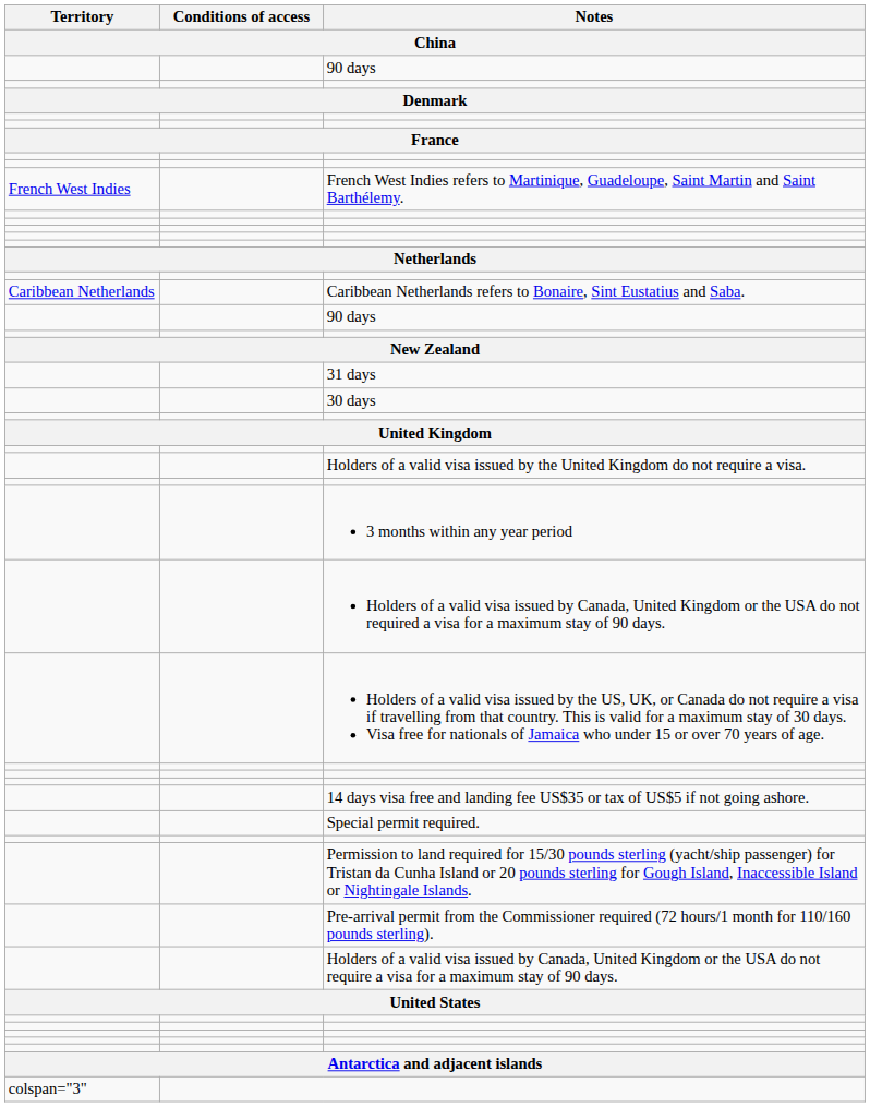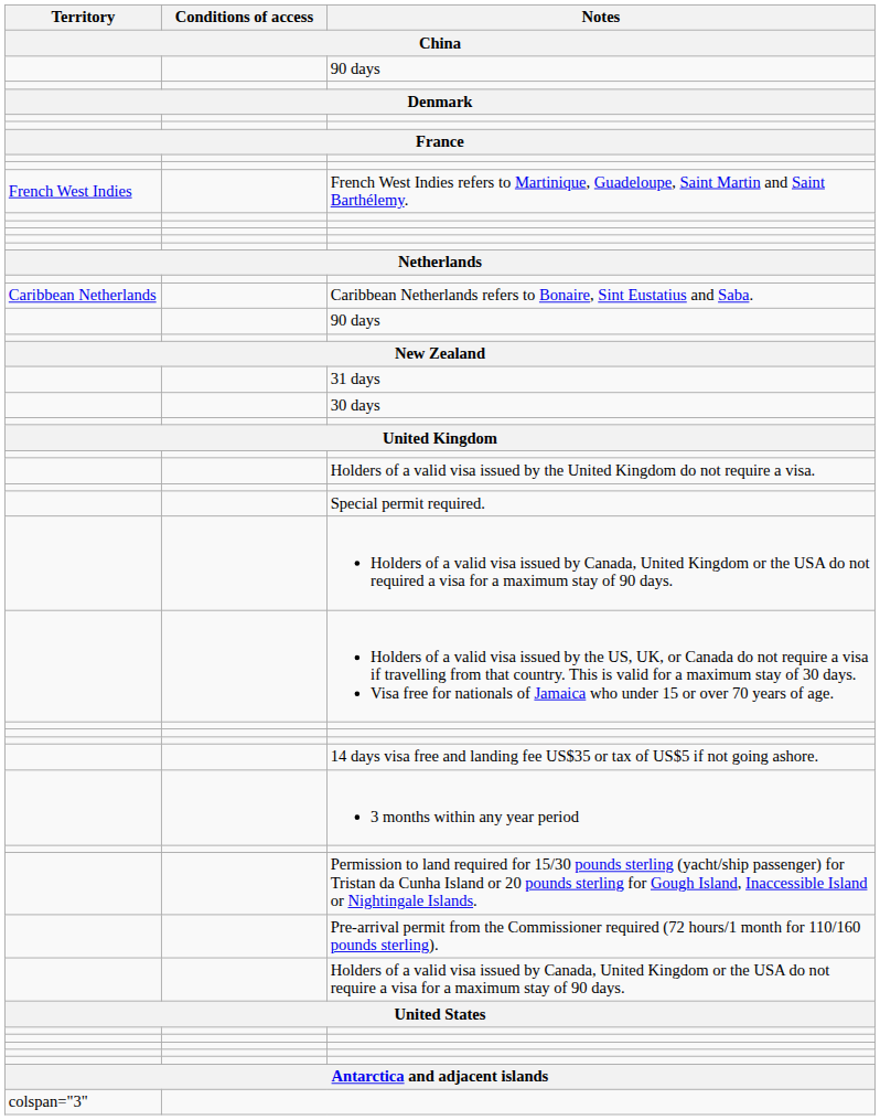 <table class="wikitable" style="text-align: left; table-layout: fixed;">
 <tr>
 <th style="width:18%;">Territory</th>
 <th style="width:19%;">Conditions of access</th>
 <th>Notes</th>
 </tr>
 <tr>
 <th colspan="3">China</th>
 </tr>
 <tr>
 <td></td>
 <td></td>
 <td>90 days</td>
 </tr>
 <tr>
 <td></td>
 <td></td>
 <td></td>
 </tr>
 <tr>
 <th colspan="3">Denmark</th>
 </tr>
 <tr>
 <td></td>
 <td></td>
 <td></td>
 </tr>
 <tr>
 <td></td>
 <td></td>
 <td></td>
 </tr>
 <tr>
 <th colspan="3">France</th>
 </tr>
 <tr>
 <td></td>
 <td></td>
 <td></td>
 </tr>
 <tr>
 <td></td>
 <td></td>
 <td></td>
 </tr>
 <tr>
 <td> <a href='#'>French West Indies</a></td>
 <td></td>
 <td>French West Indies refers to <a href='#'>Martinique</a>, <a href='#'>Guadeloupe</a>, <a href='#'>Saint Martin</a> and <a href='#'>Saint Barthélemy</a>.</td>
 </tr>
 <tr>
 <td></td>
 <td></td>
 <td></td>
 </tr>
 <tr>
 <td></td>
 <td></td>
 <td></td>
 </tr>
 <tr>
 <td></td>
 <td></td>
 <td></td>
 </tr>
 <tr>
 <td></td>
 <td></td>
 <td></td>
 </tr>
 <tr>
 <td></td>
 <td></td>
 <td></td>
 </tr>
 <tr>
 <th colspan="3">Netherlands</th>
 </tr>
 <tr>
 <td></td>
 <td></td>
 <td></td>
 </tr>
 <tr>
 <td> <a href='#'>Caribbean Netherlands</a></td>
 <td></td>
 <td>Caribbean Netherlands refers to <a href='#'>Bonaire</a>, <a href='#'>Sint Eustatius</a> and <a href='#'>Saba</a>.</td>
 </tr>
 <tr>
 <td></td>
 <td></td>
 <td>90 days</td>
 </tr>
 <tr>
 <td></td>
 <td></td>
 <td></td>
 </tr>
 <tr>
 <th colspan="3">New Zealand</th>
 </tr>
 <tr>
 <td></td>
 <td></td>
 <td>31 days</td>
 </tr>
 <tr>
 <td></td>
 <td></td>
 <td>30 days</td>
 </tr>
 <tr>
 <td></td>
 <td></td>
 <td></td>
 </tr>
 <tr>
 <th colspan="3">United Kingdom</th>
 </tr>
 <tr>
 <td></td>
 <td></td>
 <td></td>
 </tr>
 <tr>
 <td></td>
 <td></td>
 <td>Holders of a valid visa issued by the United Kingdom do not require a visa.</td>
 </tr>
 <tr>
 <td></td>
 <td></td>
 <td></td>
 </tr>
 <tr>
 <td></td>
 <td></td>
-<td><br><ul><li>3 months within any year period</li></ul></td>
+<td>Special permit required.</td>
 </tr>
 <tr>
 <td></td>
 <td></td>
 <td><br><ul><li>Holders of a valid visa issued by Canada, United Kingdom or the USA do not required a visa for a maximum stay of 90 days.</li></ul></td>
 </tr>
 <tr>
 <td></td>
 <td></td>
 <td><br><ul><li>Holders of a valid visa issued by the US, UK, or Canada do not require a visa if travelling from that country. This is valid for a maximum stay of 30 days.</li><li>Visa free for nationals of <a href='#'>Jamaica</a> who under 15 or over 70 years of age.</li></ul></td>
 </tr>
 <tr>
 <td></td>
 <td></td>
 <td></td>
 </tr>
 <tr>
 <td></td>
 <td></td>
 <td></td>
 </tr>
 <tr>
 <td></td>
 <td></td>
 <td></td>
 </tr>
 <tr>
 <td></td>
 <td></td>
 <td>14 days visa free and landing fee US$35 or tax of US$5 if not going ashore.</td>
 </tr>
 <tr>
 <td></td>
 <td></td>
-<td>Special permit required.</td>
+<td><br><ul><li>3 months within any year period</li></ul></td>
 </tr>
 <tr>
 <td></td>
 <td></td>
 <td></td>
 </tr>
 <tr>
 <td></td>
 <td></td>
 <td>Permission to land required for 15/30 <a href='#'>pounds sterling</a> (yacht/ship passenger) for Tristan da Cunha Island or 20 <a href='#'>pounds sterling</a> for <a href='#'>Gough Island</a>, <a href='#'>Inaccessible Island</a> or <a href='#'>Nightingale Islands</a>.</td>
 </tr>
 <tr>
 <td></td>
 <td></td>
 <td>Pre-arrival permit from the Commissioner required (72 hours/1 month for 110/160 <a href='#'>pounds sterling</a>).</td>
 </tr>
 <tr>
 <td></td>
 <td></td>
 <td>Holders of a valid visa issued by Canada, United Kingdom or the USA do not require a visa for a maximum stay of 90 days.</td>
 </tr>
 <tr>
 <th colspan="3">United States</th>
 </tr>
 <tr>
 <td></td>
 <td></td>
 <td></td>
 </tr>
 <tr>
 <td></td>
 <td></td>
 <td></td>
 </tr>
 <tr>
 <td></td>
 <td></td>
 <td></td>
 </tr>
 <tr>
 <td></td>
 <td></td>
 <td></td>
 </tr>
 <tr>
 <td></td>
 <td></td>
 <td></td>
 </tr>
 <tr>
 <th colspan="3"><a href='#'>Antarctica</a> and adjacent islands</th>
 </tr>
 <tr>
 <td>colspan="3" </td>
 </tr>
 </table>
